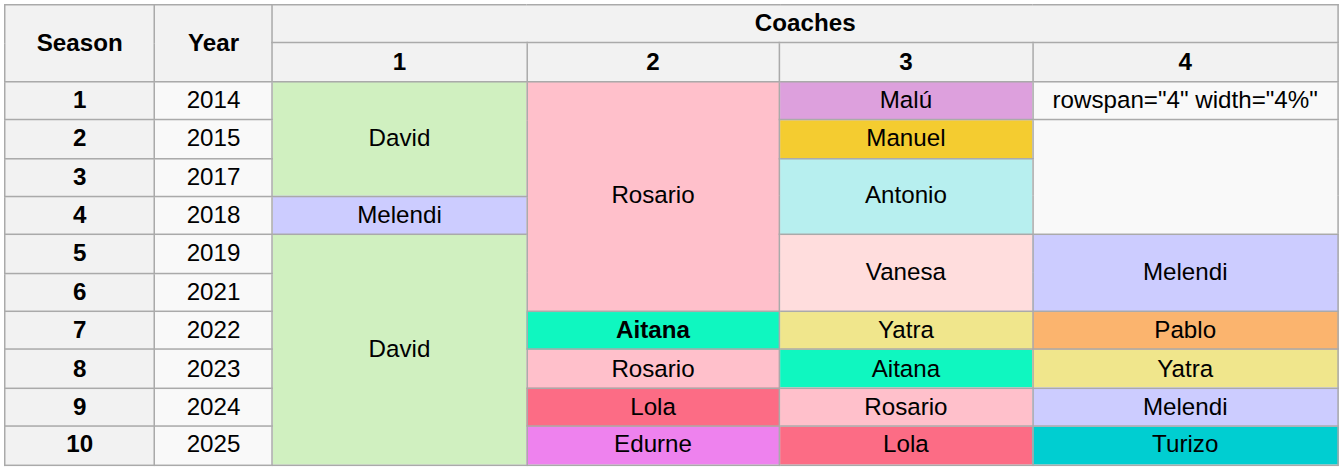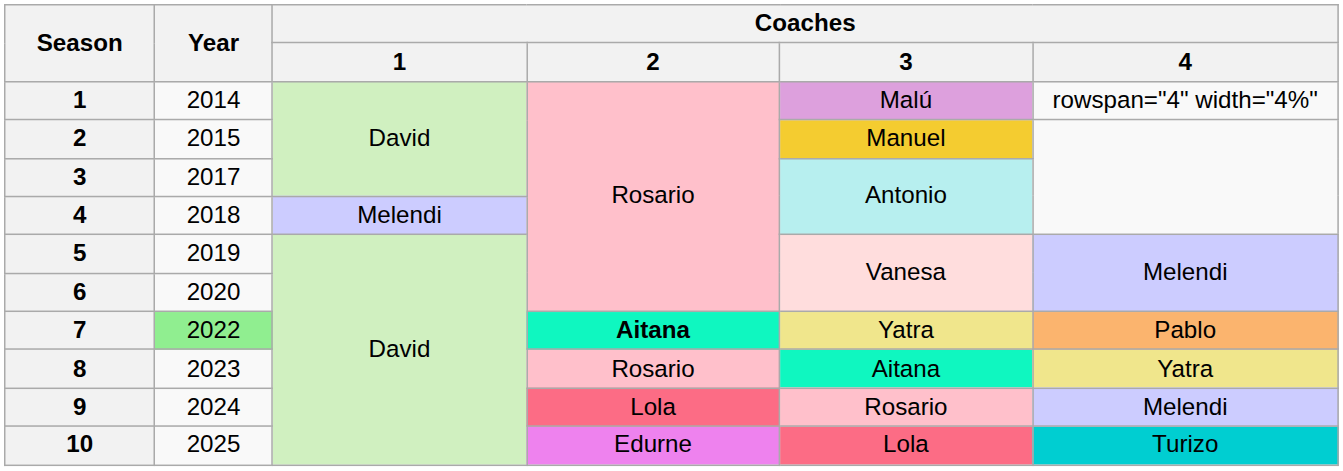 <table class="wikitable collapsible collapsed" style="text-align:center; width:100%">
 <tr>
 <th rowspan="2" width="2%">Season</th>
 <th rowspan="2" width="2%">Year</th>
 <th colspan="4">Coaches</th>
 </tr>
 <tr>
 <th width="6%">1</th>
 <th width="6%">2</th>
 <th width="6%">3</th>
 <th width="6%">4</th>
 </tr>
 <tr>
 <th>1</th>
 <td>2014</td>
 <td rowspan="3" bgcolor="#d0f0c0">David</td>
 <td rowspan=6 bgcolor="pink">Rosario</td>
 <td bgcolor="#dda0dd">Malú</td>
 <td>rowspan="4" width="4%" </td>
 </tr>
 <tr>
 <th>2</th>
 <td>2015</td>
 <td bgcolor="#F4CC30">Manuel</td>
 </tr>
 <tr>
 <th>3</th>
 <td>2017</td>
 <td rowspan="2" bgcolor="#b7efef">Antonio</td>
 </tr>
 <tr>
 <th>4</th>
 <td>2018</td>
 <td rowspan="1" bgcolor="#ccccff">Melendi</td>
 </tr>
 <tr>
 <th>5</th>
 <td>2019</td>
 <td rowspan="6" bgcolor="#d0f0c0">David</td>
 <td rowspan=2 bgcolor="#ffdddd">Vanesa</td>
 <td rowspan=2 bgcolor="#ccccff">Melendi</td>
 </tr>
 <tr>
 <th>6</th>
-<td>2021</td>
+<td>2020</td>
 </tr>
 <tr>
 <th>7</th>
-<td>2022</td>
+<td style="background: lightgreen;">2022</td>
 <td bgcolor="#0ff7c0"><strong>Aitana</strong></td>
 <td bgcolor="khaki">Yatra</td>
 <td bgcolor="#fbb46e">Pablo</td>
 </tr>
 <tr>
 <th>8</th>
 <td>2023</td>
 <td bgcolor="pink">Rosario</td>
 <td bgcolor="#0ff7c0">Aitana</td>
 <td bgcolor="khaki">Yatra</td>
 </tr>
 <tr>
 <th>9</th>
 <td>2024</td>
 <td bgcolor="#FC6C85">Lola</td>
 <td bgcolor="pink">Rosario</td>
 <td bgcolor="#ccccff">Melendi</td>
 </tr>
 <tr>
 <th>10</th>
 <td>2025</td>
 <td bgcolor="#ee82ee">Edurne</td>
 <td bgcolor="#FC6C85">Lola</td>
 <td bgcolor="#00ced1">Turizo</td>
 </tr>
 </table>
